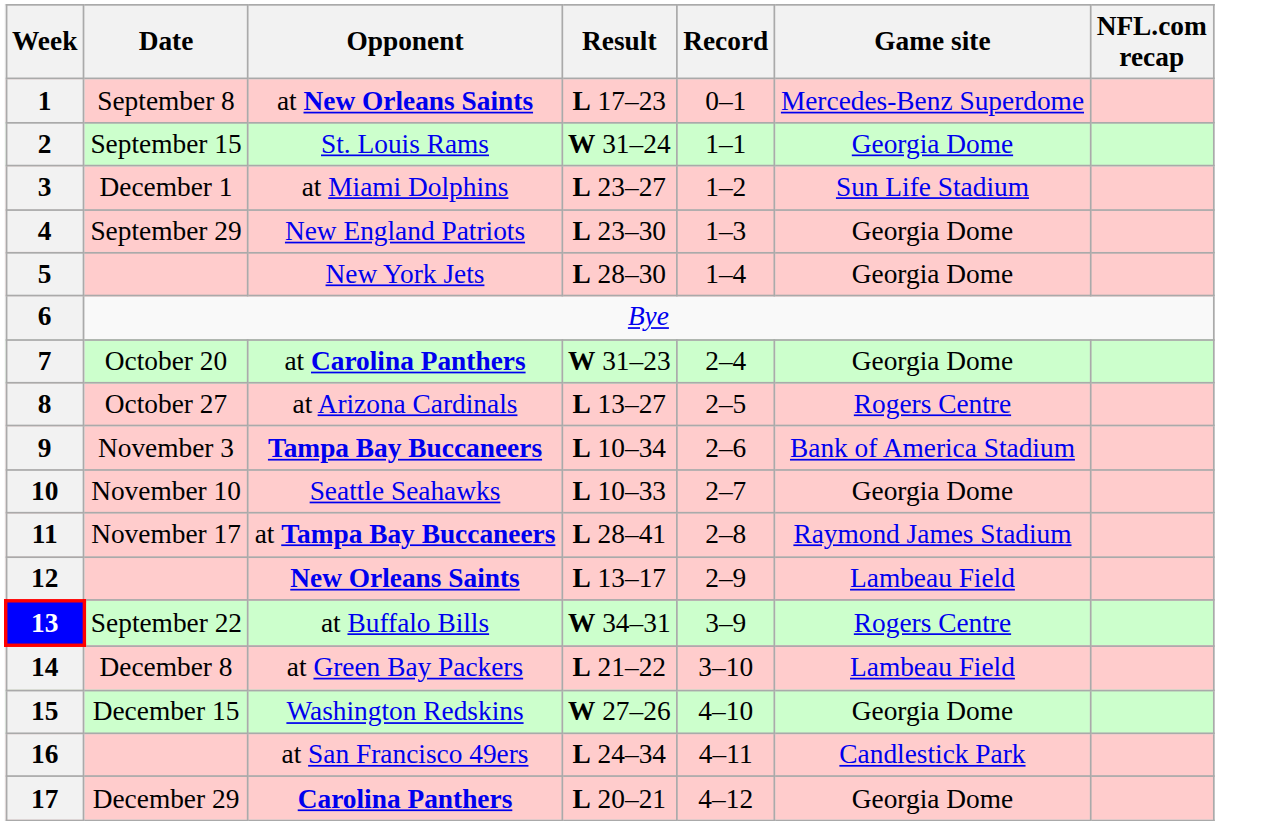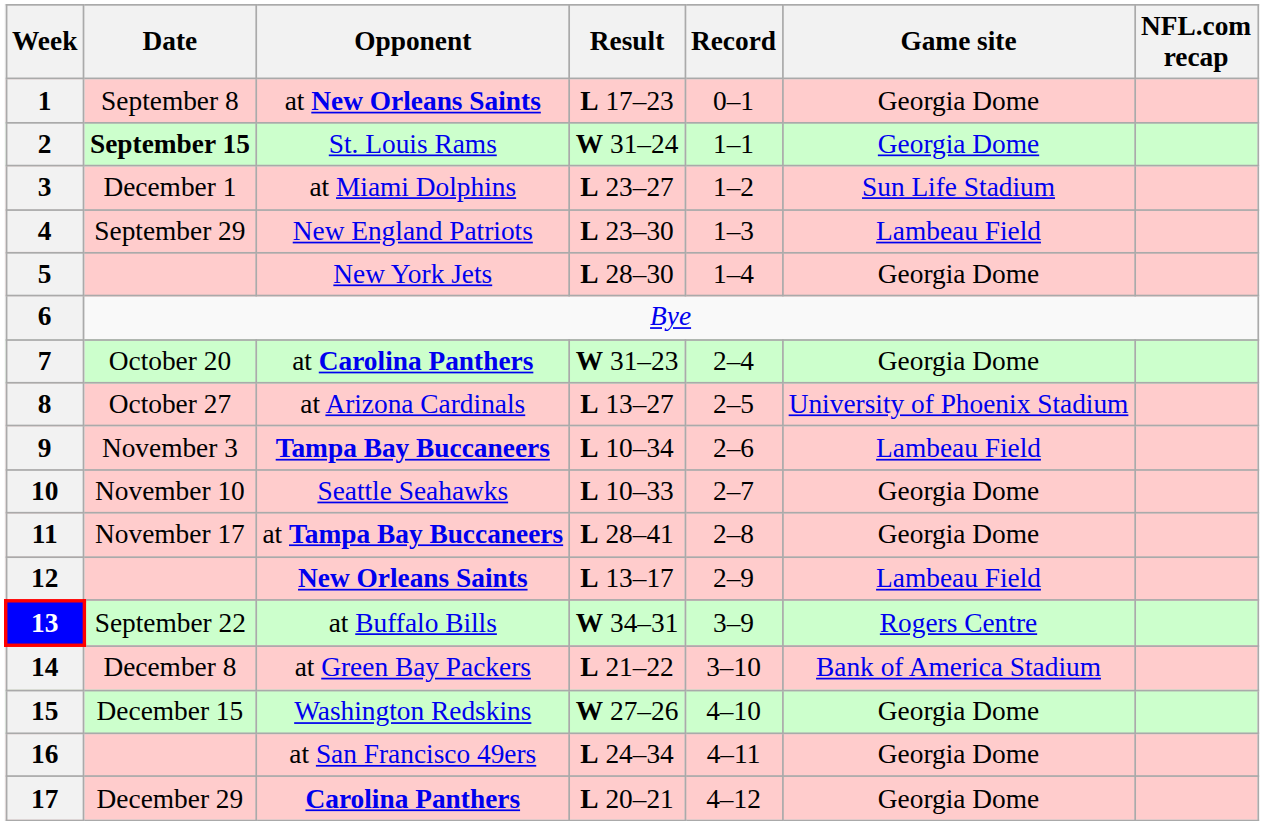 <table class="wikitable" style="align=center">
 <tr>
 <th>Week</th>
 <th>Date</th>
 <th>Opponent</th>
 <th>Result</th>
 <th>Record</th>
 <th>Game site</th>
 <th>NFL.com<br>recap</th>
 </tr>
 <tr style="background:#fcc; text-align:center;">
 <th>1</th>
 <td>September 8</td>
 <td>at <strong><a href='#'>New Orleans Saints</a></strong></td>
 <td><strong>L</strong> 17–23</td>
 <td>0–1</td>
-<td><a href='#'>Mercedes-Benz Superdome</a></td>
+<td>Georgia Dome</td>
 <td></td>
 </tr>
 <tr style="background:#cfc; text-align:center;">
 <th>2</th>
-<td>September 15</td>
+<td><strong>September 15</strong></td>
 <td><a href='#'>St. Louis Rams</a></td>
 <td><strong>W</strong> 31–24</td>
 <td>1–1</td>
 <td><a href='#'>Georgia Dome</a></td>
 <td></td>
 </tr>
 <tr style="background:#fcc; text-align:center;">
 <th>3</th>
 <td>December 1</td>
 <td>at <a href='#'>Miami Dolphins</a></td>
 <td><strong>L</strong> 23–27</td>
 <td>1–2</td>
 <td><a href='#'>Sun Life Stadium</a></td>
 <td></td>
 </tr>
 <tr style="background:#fcc; text-align:center;">
 <th>4</th>
 <td>September 29</td>
 <td><a href='#'>New England Patriots</a></td>
 <td><strong>L</strong> 23–30</td>
 <td>1–3</td>
-<td>Georgia Dome</td>
+<td><a href='#'>Lambeau Field</a></td>
 <td></td>
 </tr>
 <tr style="background:#fcc; text-align:center;">
 <th>5</th>
 <td></td>
 <td><a href='#'>New York Jets</a></td>
 <td><strong>L</strong> 28–30</td>
 <td>1–4</td>
 <td>Georgia Dome</td>
 <td></td>
 </tr>
 <tr style="background:#">
 <th>6</th>
 <td colspan="6" style="text-align:center;"><em><a href='#'>Bye</a></em></td>
 </tr>
 <tr style="background:#cfc; text-align:center;">
 <th>7</th>
 <td>October 20</td>
 <td>at <strong><a href='#'>Carolina Panthers</a></strong></td>
 <td><strong>W</strong> 31–23</td>
 <td>2–4</td>
 <td>Georgia Dome</td>
 <td></td>
 </tr>
 <tr style="background:#fcc; text-align:center;">
 <th>8</th>
 <td>October 27</td>
 <td>at <a href='#'>Arizona Cardinals</a></td>
 <td><strong>L</strong> 13–27</td>
 <td>2–5</td>
-<td><a href='#'>Rogers Centre</a> </td>
+<td><a href='#'>University of Phoenix Stadium</a></td>
 <td></td>
 </tr>
 <tr style="background:#fcc; text-align:center;">
 <th>9</th>
 <td>November 3</td>
 <td><strong><a href='#'>Tampa Bay Buccaneers</a></strong></td>
 <td><strong>L</strong> 10–34</td>
 <td>2–6</td>
-<td><a href='#'>Bank of America Stadium</a></td>
+<td><a href='#'>Lambeau Field</a></td>
 <td></td>
 </tr>
 <tr style="background:#fcc; text-align:center;">
 <th>10</th>
 <td>November 10</td>
 <td><a href='#'>Seattle Seahawks</a></td>
 <td><strong>L</strong> 10–33</td>
 <td>2–7</td>
 <td>Georgia Dome</td>
 <td></td>
 </tr>
 <tr style="background:#fcc; text-align:center;">
 <th>11</th>
 <td>November 17</td>
 <td>at <strong><a href='#'>Tampa Bay Buccaneers</a></strong></td>
 <td><strong>L</strong> 28–41</td>
 <td>2–8</td>
-<td><a href='#'>Raymond James Stadium</a></td>
+<td>Georgia Dome</td>
 <td></td>
 </tr>
 <tr style="background:#fcc; text-align:center;">
 <th>12</th>
 <td></td>
 <td><strong><a href='#'>New Orleans Saints</a></strong></td>
 <td><strong>L</strong> 13–17</td>
 <td>2–9</td>
 <td><a href='#'>Lambeau Field</a></td>
 <td></td>
 </tr>
 <tr style="background:#cfc; text-align:center;">
 <th style="background:blue; color:white; border:2px solid red;">13</th>
 <td>September 22</td>
 <td>at <a href='#'>Buffalo Bills</a></td>
 <td><strong>W</strong> 34–31 </td>
 <td>3–9</td>
 <td><a href='#'>Rogers Centre</a> </td>
 <td></td>
 </tr>
 <tr style="background:#fcc; text-align:center;">
 <th>14</th>
 <td>December 8</td>
 <td>at <a href='#'>Green Bay Packers</a></td>
 <td><strong>L</strong> 21–22</td>
 <td>3–10</td>
-<td><a href='#'>Lambeau Field</a></td>
+<td><a href='#'>Bank of America Stadium</a></td>
 <td></td>
 </tr>
 <tr style="background:#cfc; text-align:center;">
 <th>15</th>
 <td>December 15</td>
 <td><a href='#'>Washington Redskins</a></td>
 <td><strong>W</strong> 27–26</td>
 <td>4–10</td>
 <td>Georgia Dome</td>
 <td></td>
 </tr>
 <tr style="background:#fcc; text-align:center;">
 <th>16</th>
 <td></td>
 <td>at <a href='#'>San Francisco 49ers</a></td>
 <td><strong>L</strong> 24–34</td>
 <td>4–11</td>
-<td><a href='#'>Candlestick Park</a></td>
+<td>Georgia Dome</td>
 <td></td>
 </tr>
 <tr style="background:#fcc; text-align:center;">
 <th>17</th>
 <td>December 29</td>
 <td><strong><a href='#'>Carolina Panthers</a></strong></td>
 <td><strong>L</strong> 20–21</td>
 <td>4–12</td>
 <td>Georgia Dome</td>
 <td></td>
 </tr>
 </table>
